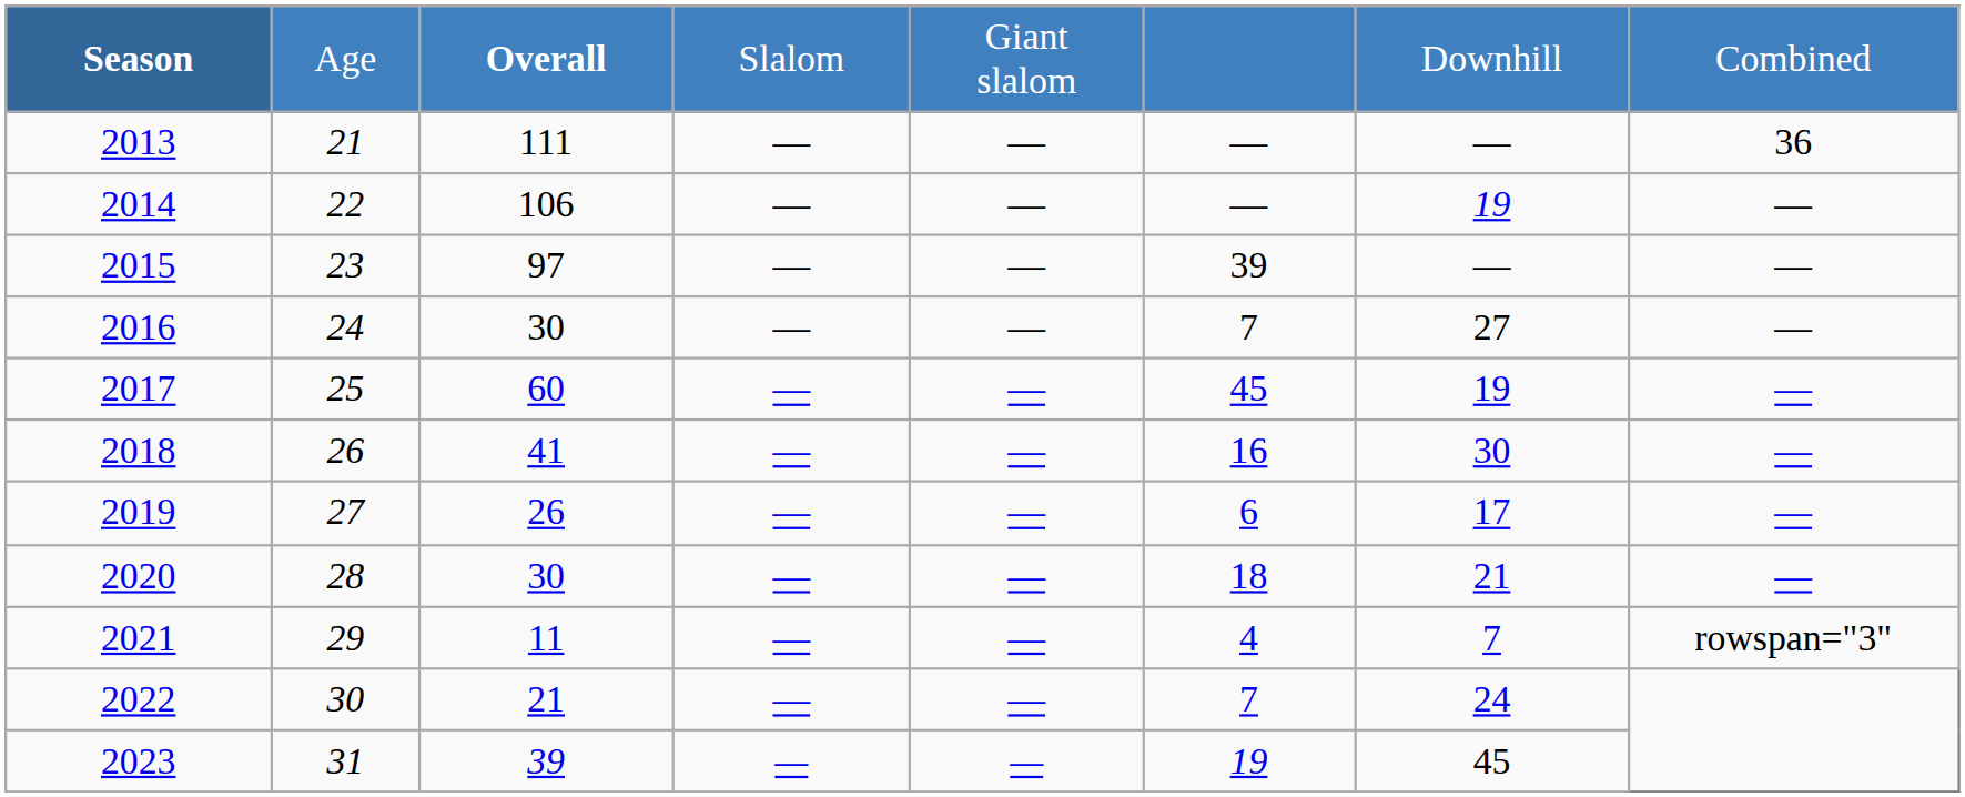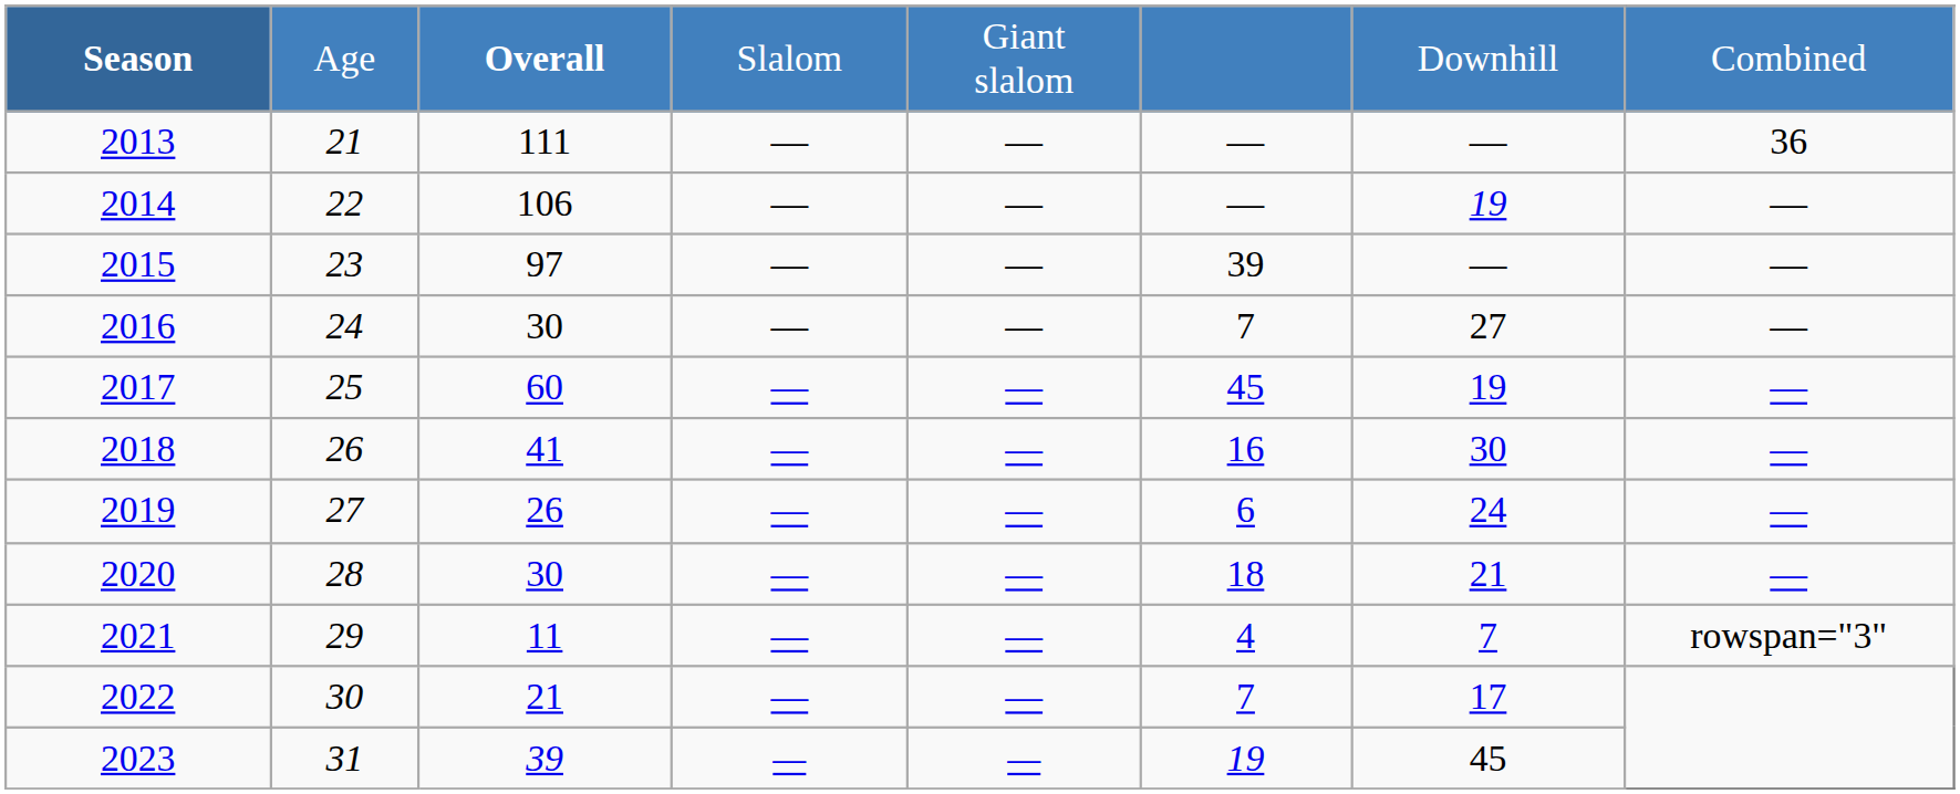 <table class="wikitable"  style="font-size:95%; text-align:center; border:gray solid 1px; width:40%;">
 <tr style="background:#369; color:white;">
 <td rowspan="2" style="width:6%;"><strong>Season</strong></td>
 </tr>
 <tr style="background:#4180be; color:white;">
 <td style="width:3%;">Age</td>
 <td style="width:5%;"><strong>Overall</strong></td>
 <td style="width:5%;">Slalom</td>
 <td style="width:5%;">Giant<br>slalom</td>
 <td style="width:5%;"></td>
 <td style="width:5%;">Downhill</td>
 <td style="width:5%;">Combined</td>
 </tr>
 <tr>
 <td><a href='#'>2013</a></td>
 <td><em>21</em></td>
 <td>111</td>
 <td>—</td>
 <td>—</td>
 <td>—</td>
 <td>—</td>
 <td>36</td>
 </tr>
 <tr>
 <td><a href='#'>2014</a></td>
 <td><em>22</em></td>
 <td>106</td>
 <td>—</td>
 <td>—</td>
 <td>—</td>
 <td><em><a href='#'>19</a></em></td>
 <td>—</td>
 </tr>
 <tr>
 <td><a href='#'>2015</a></td>
 <td><em>23</em></td>
 <td>97</td>
 <td>—</td>
 <td>—</td>
 <td>39</td>
 <td>—</td>
 <td>—</td>
 </tr>
 <tr>
 <td><a href='#'>2016</a></td>
 <td><em>24</em></td>
 <td>30</td>
 <td>—</td>
 <td>—</td>
 <td>7</td>
 <td>27</td>
 <td>—</td>
 </tr>
 <tr>
 <td><a href='#'>2017</a></td>
 <td><em>25</em></td>
 <td><a href='#'>60</a></td>
 <td><a href='#'>—</a></td>
 <td><a href='#'>—</a></td>
 <td><a href='#'>45</a></td>
 <td><a href='#'>19</a></td>
 <td><a href='#'>—</a></td>
 </tr>
 <tr>
 <td><a href='#'>2018</a></td>
 <td><em>26</em></td>
 <td><a href='#'>41</a></td>
 <td><a href='#'>—</a></td>
 <td><a href='#'>—</a></td>
 <td><a href='#'>16</a></td>
 <td><a href='#'>30</a></td>
 <td><a href='#'>—</a></td>
 </tr>
 <tr>
 <td><a href='#'>2019</a></td>
 <td><em>27</em></td>
 <td><a href='#'>26</a></td>
 <td><a href='#'>—</a></td>
 <td><a href='#'>—</a></td>
 <td><a href='#'>6</a></td>
-<td><a href='#'>17</a></td>
+<td><a href='#'>24</a></td>
 <td><a href='#'>—</a></td>
 </tr>
 <tr>
 <td><a href='#'>2020</a></td>
 <td><em>28</em></td>
 <td><a href='#'>30</a></td>
 <td><a href='#'>—</a></td>
 <td><a href='#'>—</a></td>
 <td><a href='#'>18</a></td>
 <td><a href='#'>21</a></td>
 <td><a href='#'>—</a></td>
 </tr>
 <tr>
 <td><a href='#'>2021</a></td>
 <td><em>29</em></td>
 <td><a href='#'>11</a></td>
 <td><a href='#'>—</a></td>
 <td><a href='#'>—</a></td>
 <td><a href='#'>4</a></td>
 <td><a href='#'>7</a></td>
 <td>rowspan="3" </td>
 </tr>
 <tr>
 <td><a href='#'>2022</a></td>
 <td><em>30</em></td>
 <td><a href='#'>21</a></td>
 <td><a href='#'>—</a></td>
 <td><a href='#'>—</a></td>
 <td><a href='#'>7</a></td>
-<td><a href='#'>24</a></td>
+<td><a href='#'>17</a></td>
 </tr>
 <tr>
 <td><a href='#'>2023</a></td>
 <td><em>31</em></td>
 <td><em><a href='#'>39</a></em></td>
 <td><em><a href='#'>—</a></em></td>
 <td><em><a href='#'>—</a></em></td>
 <td><em><a href='#'>19</a></em></td>
 <td>45</td>
 </tr>
 </table>
